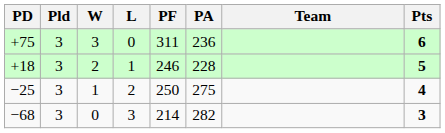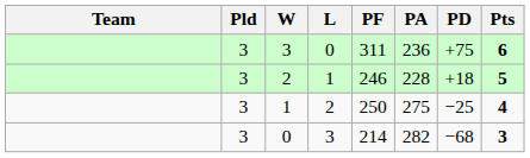 <table class=wikitable style="text-align:center">
 <tr>
-<th width=30>PD</th>
+<th width=180>Team</th>
 <th width=30>Pld</th>
 <th width=30>W</th>
 <th width=30>L</th>
 <th width=30>PF</th>
 <th width=30>PA</th>
-<th width=180>Team</th>
+<th width=30>PD</th>
 <th width=30>Pts</th>
 </tr>
 <tr bgcolor="#ccffcc">
-<td>+75</td>
+<td align=left></td>
 <td>3</td>
 <td>3</td>
 <td>0</td>
 <td>311</td>
 <td>236</td>
-<td align=left></td>
+<td>+75</td>
 <td><strong>6</strong></td>
 </tr>
 <tr bgcolor="#ccffcc">
-<td>+18</td>
+<td align=left></td>
 <td>3</td>
 <td>2</td>
 <td>1</td>
 <td>246</td>
 <td>228</td>
-<td align=left></td>
+<td>+18</td>
 <td><strong>5</strong></td>
 </tr>
 <tr align=center>
-<td>−25</td>
+<td align=left></td>
 <td>3</td>
 <td>1</td>
 <td>2</td>
 <td>250</td>
 <td>275</td>
-<td align=left></td>
+<td>−25</td>
 <td><strong>4</strong></td>
 </tr>
 <tr align=center>
-<td>−68</td>
+<td align=left></td>
 <td>3</td>
 <td>0</td>
 <td>3</td>
 <td>214</td>
 <td>282</td>
-<td align=left></td>
+<td>−68</td>
 <td><strong>3</strong></td>
 </tr>
 </table>
